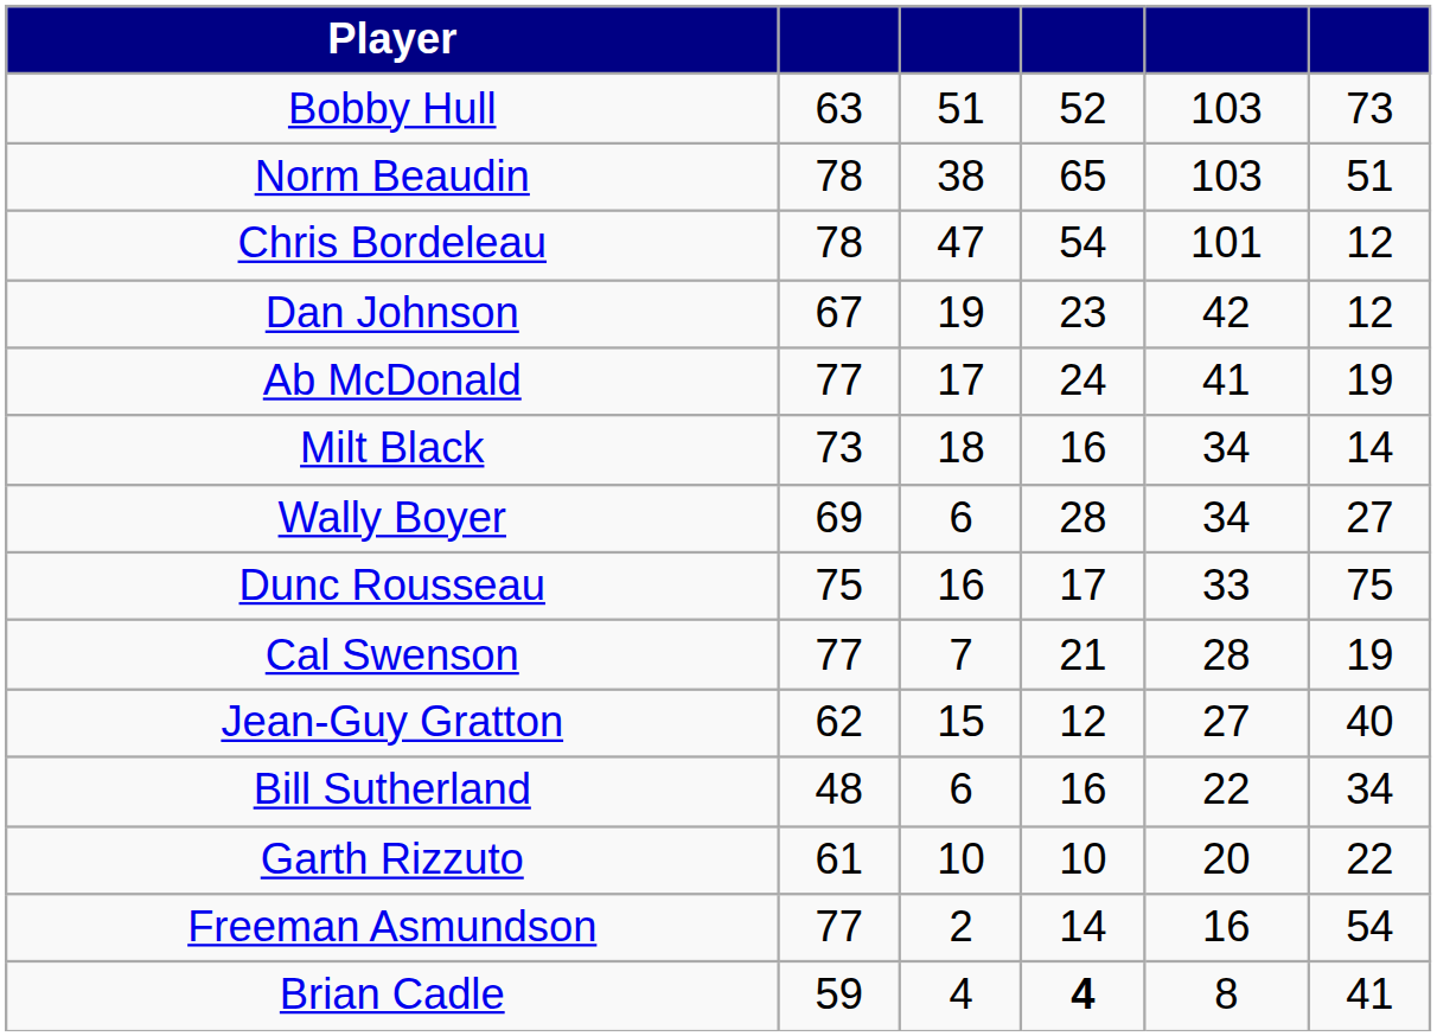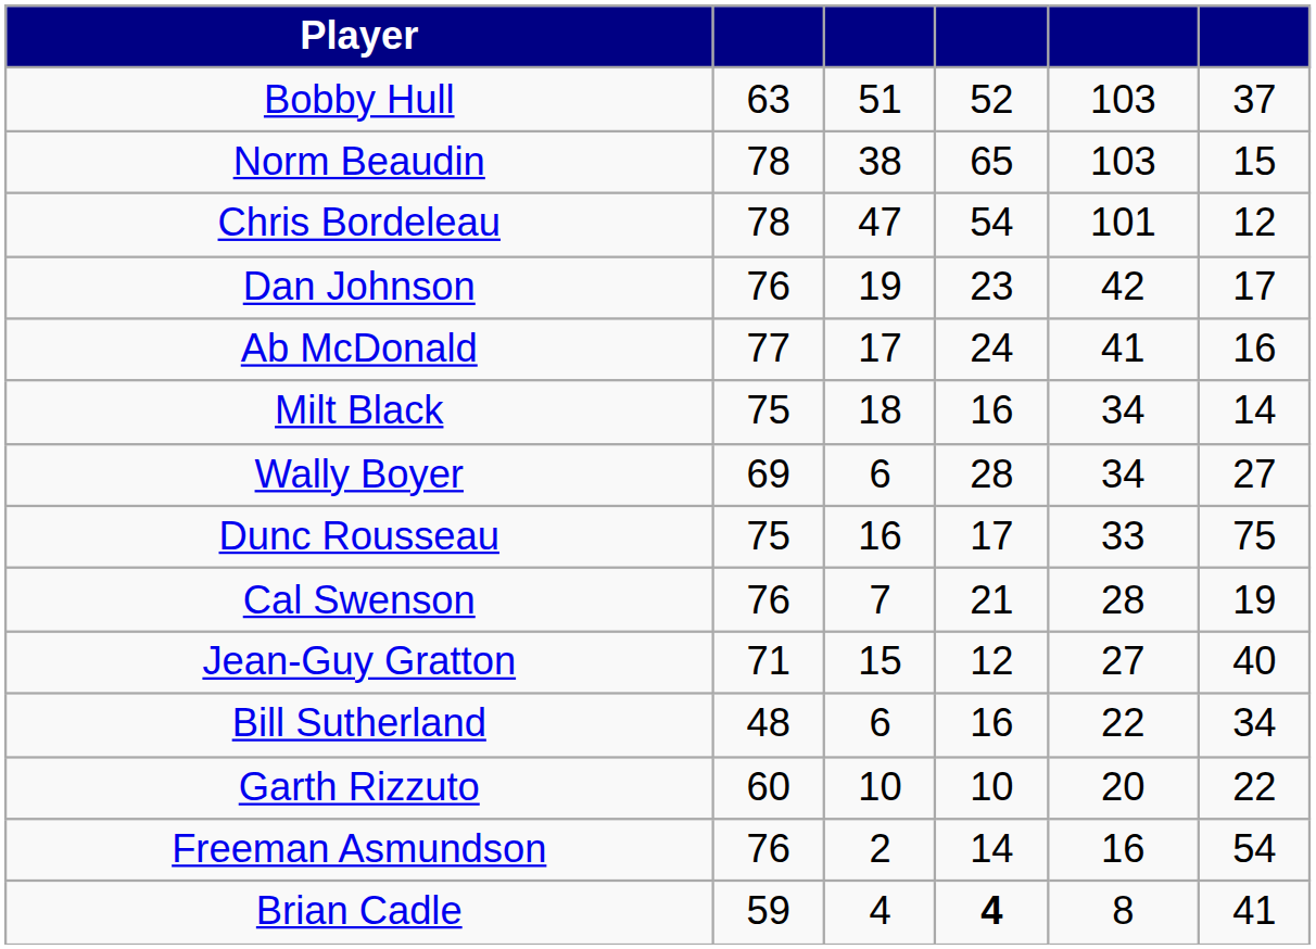 <table class="wikitable sortable" style="width:60%; text-align:center;">
 <tr align=center>
 <th style="color:white; background:#000084; ">Player</th>
 <th style="color:white; background:#000084; "></th>
 <th style="color:white; background:#000084; "></th>
 <th style="color:white; background:#000084; "></th>
 <th style="color:white; background:#000084; "></th>
 <th style="color:white; background:#000084; "></th>
 </tr>
 <tr align="center">
 <td><a href='#'>Bobby Hull</a></td>
 <td>63</td>
 <td>51</td>
 <td>52</td>
 <td>103</td>
-<td>73</td>
+<td>37</td>
 </tr>
 <tr align="center">
 <td><a href='#'>Norm Beaudin</a></td>
 <td>78</td>
 <td>38</td>
 <td>65</td>
 <td>103</td>
-<td>51</td>
+<td>15</td>
 </tr>
 <tr align="center">
 <td><a href='#'>Chris Bordeleau</a></td>
 <td>78</td>
 <td>47</td>
 <td>54</td>
 <td>101</td>
 <td>12</td>
 </tr>
 <tr align="center">
 <td><a href='#'>Dan Johnson</a></td>
-<td>67</td>
+<td>76</td>
 <td>19</td>
 <td>23</td>
 <td>42</td>
-<td>12</td>
+<td>17</td>
 </tr>
 <tr align="center">
 <td><a href='#'>Ab McDonald</a></td>
 <td>77</td>
 <td>17</td>
 <td>24</td>
 <td>41</td>
-<td>19</td>
+<td>16</td>
 </tr>
 <tr align="center">
 <td><a href='#'>Milt Black</a></td>
-<td>73</td>
+<td>75</td>
 <td>18</td>
 <td>16</td>
 <td>34</td>
 <td>14</td>
 </tr>
 <tr align="center">
 <td><a href='#'>Wally Boyer</a></td>
 <td>69</td>
 <td>6</td>
 <td>28</td>
 <td>34</td>
 <td>27</td>
 </tr>
 <tr align="center">
 <td><a href='#'>Dunc Rousseau</a></td>
 <td>75</td>
 <td>16</td>
 <td>17</td>
 <td>33</td>
 <td>75</td>
 </tr>
 <tr align="center">
 <td><a href='#'>Cal Swenson</a></td>
-<td>77</td>
+<td>76</td>
 <td>7</td>
 <td>21</td>
 <td>28</td>
 <td>19</td>
 </tr>
 <tr align="center">
 <td><a href='#'>Jean-Guy Gratton</a></td>
-<td>62</td>
+<td>71</td>
 <td>15</td>
 <td>12</td>
 <td>27</td>
 <td>40</td>
 </tr>
 <tr align="center">
 <td><a href='#'>Bill Sutherland</a></td>
 <td>48</td>
 <td>6</td>
 <td>16</td>
 <td>22</td>
 <td>34</td>
 </tr>
 <tr align="center">
 <td><a href='#'>Garth Rizzuto</a></td>
-<td>61</td>
+<td>60</td>
 <td>10</td>
 <td>10</td>
 <td>20</td>
 <td>22</td>
 </tr>
 <tr align="center">
 <td><a href='#'>Freeman Asmundson</a></td>
-<td>77</td>
+<td>76</td>
 <td>2</td>
 <td>14</td>
 <td>16</td>
 <td>54</td>
 </tr>
 <tr align="center">
 <td><a href='#'>Brian Cadle</a></td>
 <td>59</td>
 <td>4</td>
 <td><strong>4</strong></td>
 <td>8</td>
 <td>41</td>
 </tr>
 </table>
